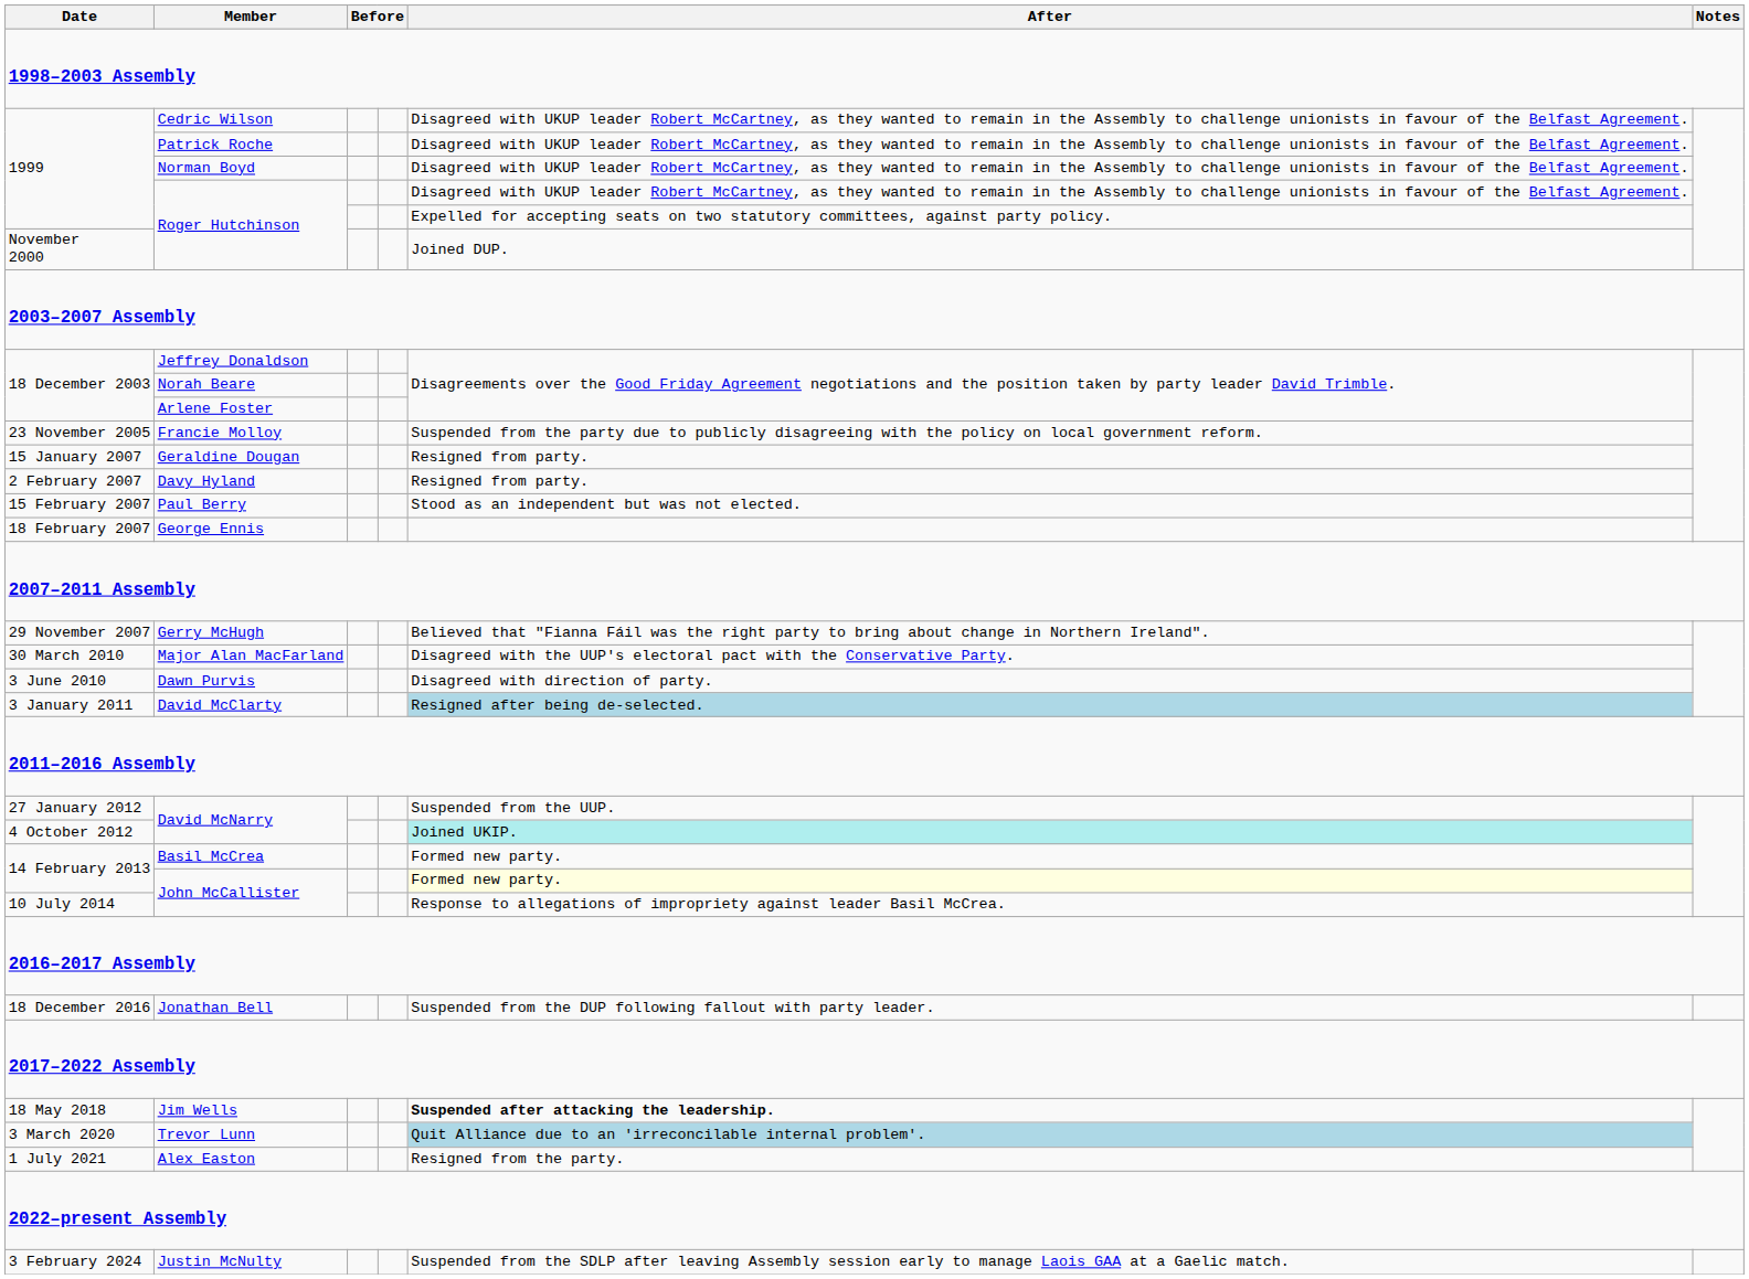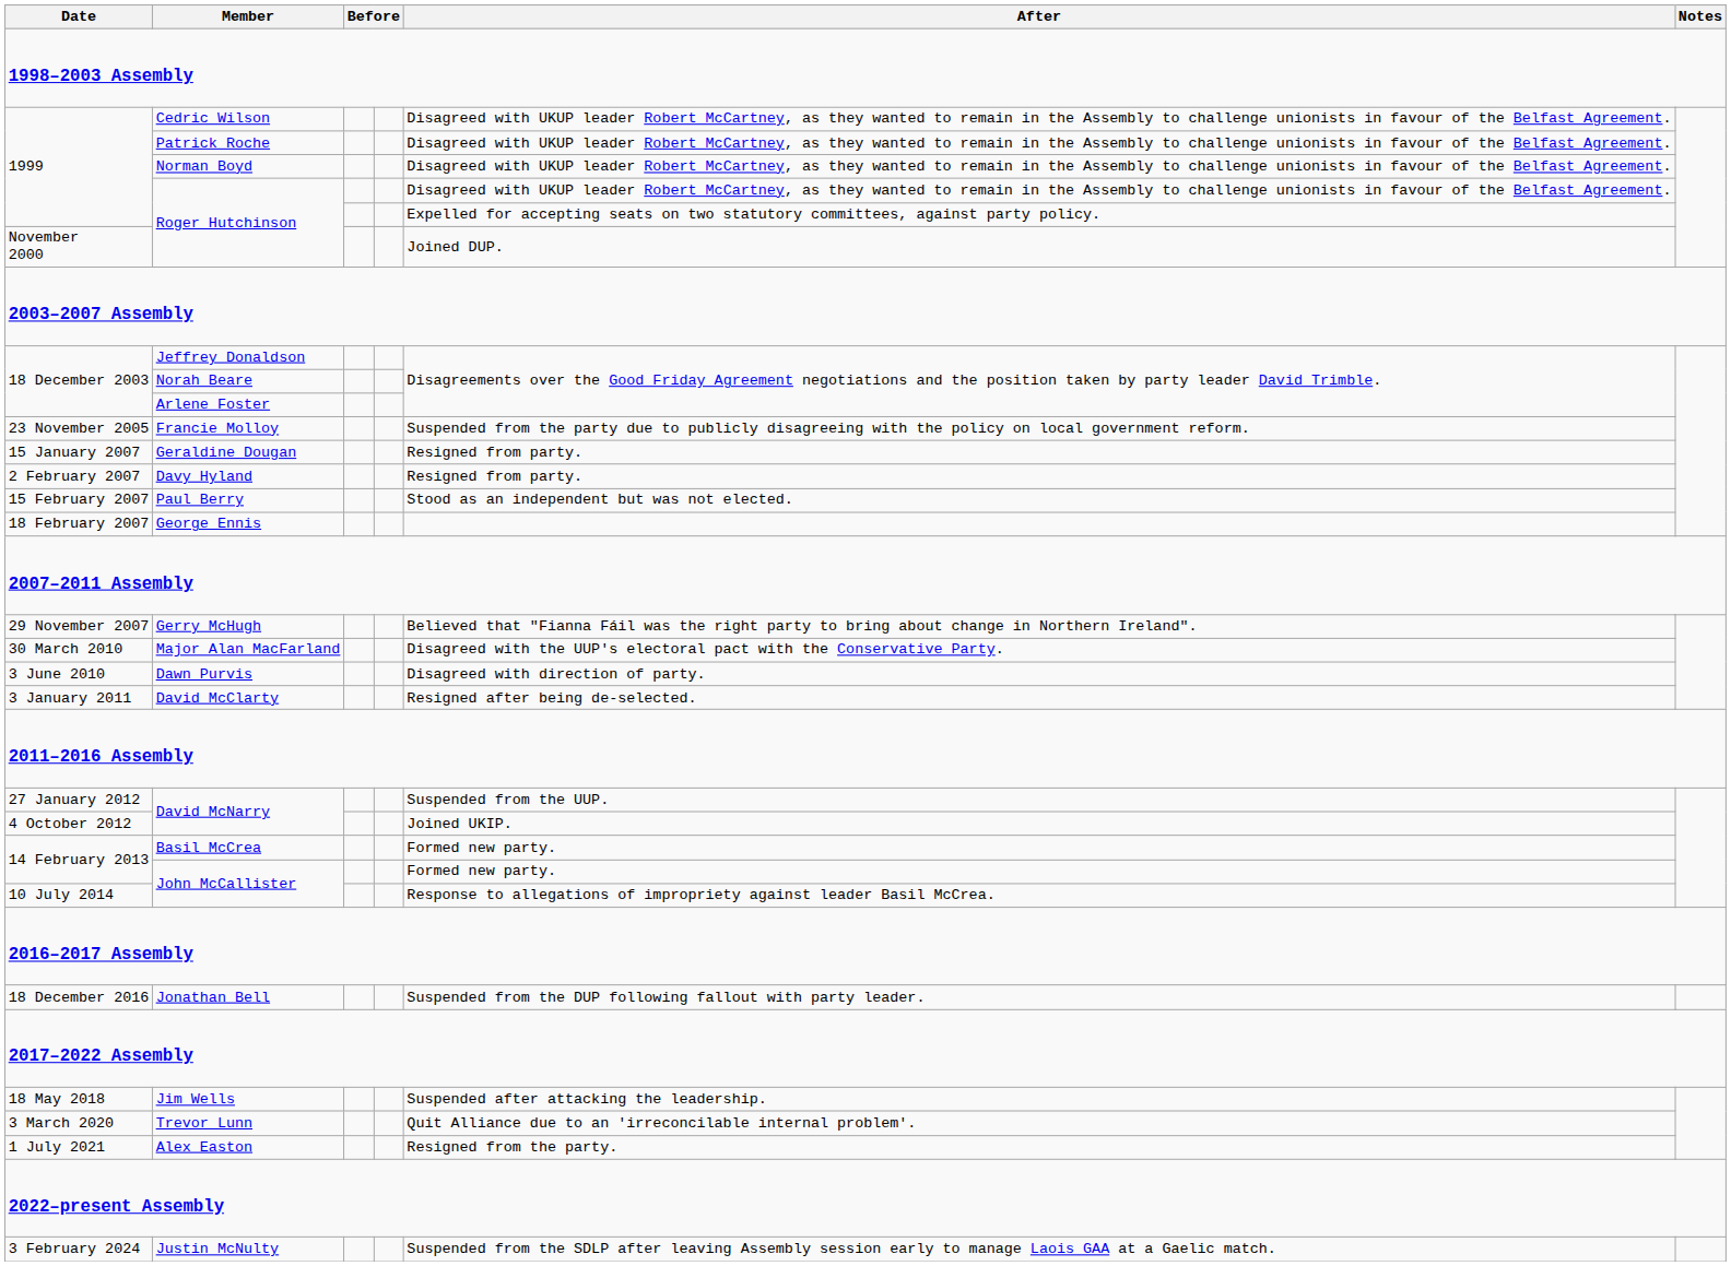 <table class="wikitable">
 <tr style="background:#ccc;">
 <th>Date</th>
 <th>Member</th>
 <th colspan=2>Before</th>
 <th colspan=2>After</th>
 <th>Notes</th>
 </tr>
 <tr>
 <td colspan=8><br><h3><a href='#'>1998–2003 Assembly</a></h3></td>
 </tr>
 <tr>
 <td rowspan="5">1999</td>
 <td><a href='#'>Cedric Wilson</a></td>
 <td></td>
 <td></td>
 <td>Disagreed with UKUP leader <a href='#'>Robert McCartney</a>, as they wanted to remain in the Assembly to challenge unionists in favour of the <a href='#'>Belfast Agreement</a>.</td>
 </tr>
 <tr>
 <td><a href='#'>Patrick Roche</a></td>
 <td></td>
 <td></td>
 <td>Disagreed with UKUP leader <a href='#'>Robert McCartney</a>, as they wanted to remain in the Assembly to challenge unionists in favour of the <a href='#'>Belfast Agreement</a>.</td>
 </tr>
 <tr>
 <td><a href='#'>Norman Boyd</a></td>
 <td></td>
 <td></td>
 <td>Disagreed with UKUP leader <a href='#'>Robert McCartney</a>, as they wanted to remain in the Assembly to challenge unionists in favour of the <a href='#'>Belfast Agreement</a>.</td>
 </tr>
 <tr>
 <td rowspan="3"><a href='#'>Roger Hutchinson</a></td>
 <td></td>
 <td></td>
 <td>Disagreed with UKUP leader <a href='#'>Robert McCartney</a>, as they wanted to remain in the Assembly to challenge unionists in favour of the <a href='#'>Belfast Agreement</a>.</td>
 </tr>
 <tr>
 <td></td>
 <td></td>
 <td>Expelled for accepting seats on two statutory committees, against party policy.</td>
 </tr>
 <tr>
 <td>November<br>2000</td>
 <td></td>
 <td></td>
 <td>Joined DUP.</td>
 </tr>
 <tr>
 <td colspan=7><br><h3><a href='#'>2003–2007 Assembly</a></h3></td>
 </tr>
 <tr>
 <td rowspan="3">18 December 2003</td>
 <td><a href='#'>Jeffrey Donaldson</a></td>
 <td></td>
 <td></td>
 <td rowspan="3">Disagreements over the <a href='#'>Good Friday Agreement</a> negotiations and the position taken by party leader <a href='#'>David Trimble</a>.</td>
 </tr>
 <tr>
 <td><a href='#'>Norah Beare</a></td>
 <td></td>
 <td></td>
 </tr>
 <tr>
 <td><a href='#'>Arlene Foster</a></td>
 <td></td>
 <td></td>
 </tr>
 <tr>
 <td>23 November 2005</td>
 <td><a href='#'>Francie Molloy</a></td>
 <td></td>
 <td></td>
 <td>Suspended from the party due to publicly disagreeing with the policy on local government reform.</td>
 </tr>
 <tr>
 <td>15 January 2007</td>
 <td><a href='#'>Geraldine Dougan</a></td>
 <td></td>
 <td></td>
 <td>Resigned from party.</td>
 </tr>
 <tr>
 <td>2 February 2007</td>
 <td><a href='#'>Davy Hyland</a></td>
 <td></td>
 <td></td>
 <td>Resigned from party.</td>
 </tr>
 <tr>
 <td>15 February 2007</td>
 <td><a href='#'>Paul Berry</a></td>
 <td></td>
 <td></td>
 <td>Stood as an independent but was not elected.</td>
 </tr>
 <tr>
 <td>18 February 2007</td>
 <td><a href='#'>George Ennis</a></td>
 <td></td>
 <td></td>
 <td></td>
 </tr>
 <tr>
 <td colspan=7><br><h3><a href='#'>2007–2011 Assembly</a></h3></td>
 </tr>
 <tr>
 <td>29 November 2007</td>
 <td><a href='#'>Gerry McHugh</a></td>
 <td></td>
 <td></td>
 <td>Believed that "Fianna Fáil was the right party to bring about change in Northern Ireland".</td>
 </tr>
 <tr>
 <td>30 March 2010</td>
 <td><a href='#'>Major Alan MacFarland</a></td>
 <td></td>
 <td></td>
 <td>Disagreed with the UUP's electoral pact with the <a href='#'>Conservative Party</a>.</td>
 </tr>
 <tr>
 <td>3 June 2010</td>
 <td><a href='#'>Dawn Purvis</a></td>
 <td></td>
 <td></td>
 <td>Disagreed with direction of party.</td>
 </tr>
 <tr>
 <td>3 January 2011</td>
 <td><a href='#'>David McClarty</a></td>
 <td></td>
 <td></td>
-<td style="background: lightblue;">Resigned after being de-selected.</td>
+<td>Resigned after being de-selected.</td>
 </tr>
 <tr>
 <td colspan=7><br><h3><a href='#'>2011–2016 Assembly</a></h3></td>
 </tr>
 <tr>
 <td>27 January 2012</td>
 <td rowspan="2"><a href='#'>David McNarry</a></td>
 <td></td>
 <td></td>
 <td>Suspended from the UUP.</td>
 </tr>
 <tr>
 <td>4 October 2012</td>
 <td></td>
 <td></td>
-<td style="background: paleturquoise;">Joined UKIP.</td>
+<td>Joined UKIP.</td>
 </tr>
 <tr>
 <td rowspan="2">14 February 2013</td>
 <td><a href='#'>Basil McCrea</a></td>
 <td></td>
 <td></td>
 <td>Formed new party.</td>
 </tr>
 <tr>
 <td rowspan="2"><a href='#'>John McCallister</a></td>
 <td></td>
 <td></td>
-<td style="background: lightyellow;">Formed new party.</td>
+<td>Formed new party.</td>
 </tr>
 <tr>
 <td>10 July 2014</td>
 <td></td>
 <td></td>
 <td>Response to allegations of impropriety against leader Basil McCrea.</td>
 </tr>
 <tr>
 <td colspan=7><br><h3><a href='#'>2016–2017 Assembly</a></h3></td>
 </tr>
 <tr>
 <td>18 December 2016</td>
 <td><a href='#'>Jonathan Bell</a></td>
 <td></td>
 <td></td>
 <td>Suspended from the DUP following fallout with party leader.</td>
 </tr>
 <tr>
 <td colspan=7><br><h3><a href='#'>2017–2022 Assembly</a></h3></td>
 </tr>
 <tr>
 <td>18 May 2018</td>
 <td><a href='#'>Jim Wells</a></td>
 <td></td>
 <td></td>
-<td><strong>Suspended after attacking the leadership.</strong></td>
+<td>Suspended after attacking the leadership.</td>
 </tr>
 <tr>
 <td>3 March 2020</td>
 <td><a href='#'>Trevor Lunn</a></td>
 <td></td>
 <td></td>
-<td style="background: lightblue;">Quit Alliance due to an 'irreconcilable internal problem'.</td>
+<td>Quit Alliance due to an 'irreconcilable internal problem'.</td>
 </tr>
 <tr>
 <td>1 July 2021</td>
 <td><a href='#'>Alex Easton</a></td>
 <td></td>
 <td></td>
 <td>Resigned from the party.</td>
 </tr>
 <tr>
 <td colspan=7><br><h3><a href='#'>2022–present Assembly</a></h3></td>
 </tr>
 <tr>
 <td>3 February 2024</td>
 <td><a href='#'>Justin McNulty</a></td>
 <td></td>
 <td></td>
 <td>Suspended from the SDLP after leaving Assembly session early to manage <a href='#'>Laois GAA</a> at a Gaelic match.</td>
 </tr>
 </table>
